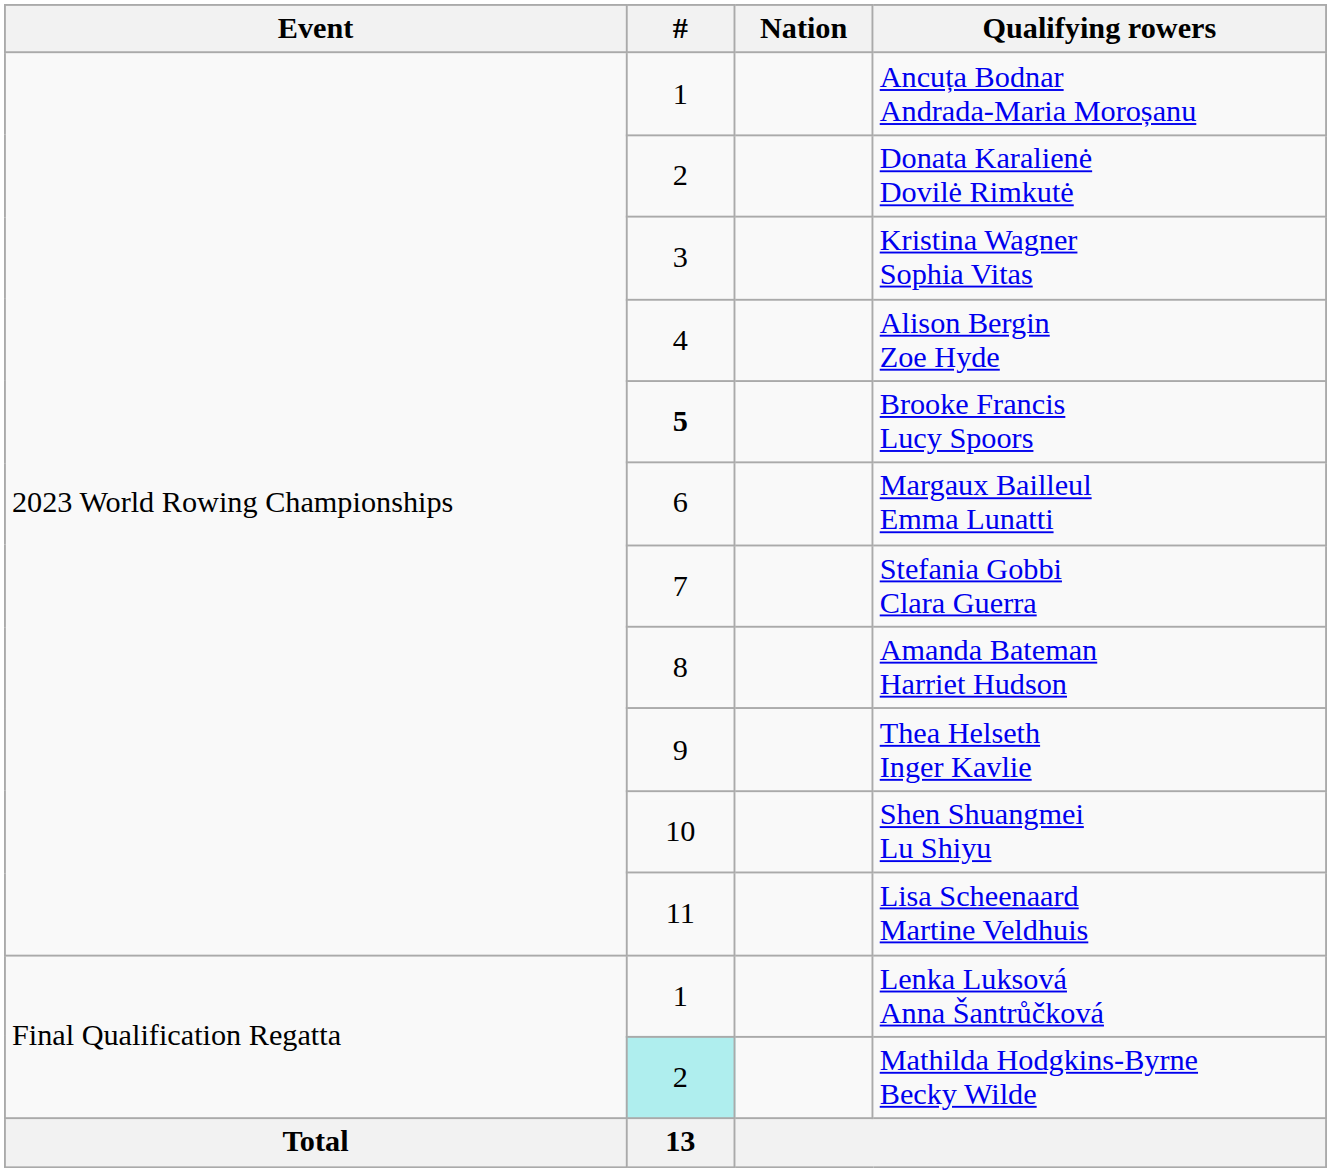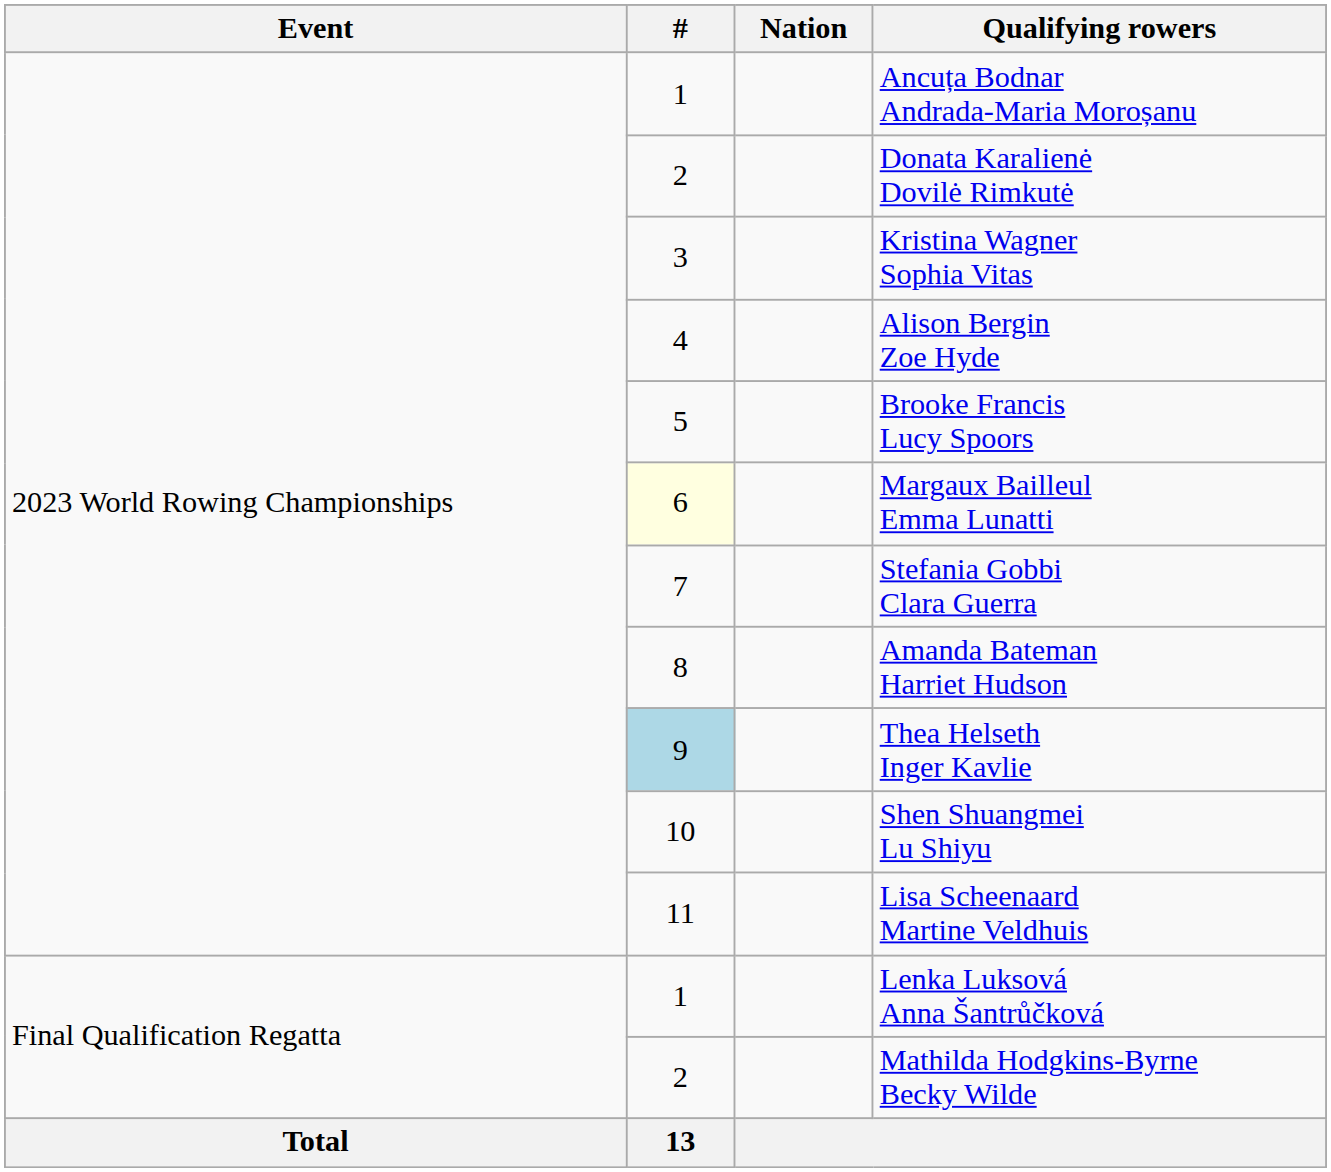 <table class="wikitable"  style="width:700px; text-align:center;">
 <tr>
 <th>Event</th>
 <th width=50>#</th>
 <th>Nation</th>
 <th>Qualifying rowers</th>
 </tr>
 <tr>
 <td rowspan=11 align=left>2023 World Rowing Championships</td>
 <td>1</td>
 <td align=left></td>
 <td align=left><a href='#'>Ancuța Bodnar</a><br><a href='#'>Andrada-Maria Moroșanu</a></td>
 </tr>
 <tr>
 <td>2</td>
 <td align=left></td>
 <td align=left><a href='#'>Donata Karalienė</a><br><a href='#'>Dovilė Rimkutė</a></td>
 </tr>
 <tr>
 <td>3</td>
 <td align=left></td>
 <td align=left><a href='#'>Kristina Wagner</a><br><a href='#'>Sophia Vitas</a></td>
 </tr>
 <tr>
 <td>4</td>
 <td align=left></td>
 <td align=left><a href='#'>Alison Bergin</a><br><a href='#'>Zoe Hyde</a></td>
 </tr>
 <tr>
-<td><strong>5</strong></td>
+<td>5</td>
 <td align=left></td>
 <td align=left><a href='#'>Brooke Francis</a><br><a href='#'>Lucy Spoors</a></td>
 </tr>
 <tr>
-<td>6</td>
+<td style="background: lightyellow;">6</td>
 <td align=left></td>
 <td align=left><a href='#'>Margaux Bailleul</a><br><a href='#'>Emma Lunatti</a></td>
 </tr>
 <tr>
 <td>7</td>
 <td align=left></td>
 <td align=left><a href='#'>Stefania Gobbi</a><br><a href='#'>Clara Guerra</a></td>
 </tr>
 <tr>
 <td>8</td>
 <td align=left></td>
 <td align=left><a href='#'>Amanda Bateman</a><br><a href='#'>Harriet Hudson</a></td>
 </tr>
 <tr>
-<td>9</td>
+<td style="background: lightblue;">9</td>
 <td align=left></td>
 <td align=left><a href='#'>Thea Helseth</a><br><a href='#'>Inger Kavlie</a></td>
 </tr>
 <tr>
 <td>10</td>
 <td align=left></td>
 <td align=left><a href='#'>Shen Shuangmei</a><br><a href='#'>Lu Shiyu</a></td>
 </tr>
 <tr>
 <td>11</td>
 <td align=left></td>
 <td align=left><a href='#'>Lisa Scheenaard</a><br><a href='#'>Martine Veldhuis</a></td>
 </tr>
 <tr>
 <td rowspan=2 align=left>Final Qualification Regatta</td>
 <td>1</td>
 <td align=left></td>
 <td align=left><a href='#'>Lenka Luksová</a><br><a href='#'>Anna Šantrůčková</a></td>
 </tr>
 <tr>
-<td style="background: paleturquoise;">2</td>
+<td>2</td>
 <td align=left></td>
 <td align=left><a href='#'>Mathilda Hodgkins-Byrne</a><br><a href='#'>Becky Wilde</a></td>
 </tr>
 <tr>
 <th>Total</th>
 <th>13</th>
 <th colspan=2></th>
 </tr>
 </table>
